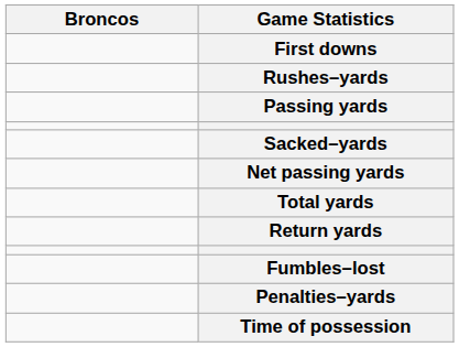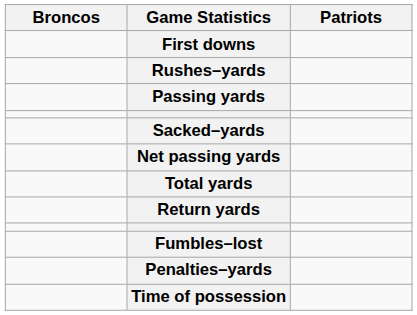 <table class="wikitable" style="margin: 1em auto 1em auto">
 <tr>
 <th style="width:30%;">Broncos</th>
 <th style="width:40%;">Game Statistics</th>
+<th style="width:30%;">Patriots</th>
 </tr>
 <tr>
 <td style="text-align:right;"></td>
 <th>First downs</th>
+<td></td>
 </tr>
 <tr>
 <td style="text-align:right;"></td>
 <th>Rushes–yards</th>
+<td></td>
 </tr>
 <tr>
 <td style="text-align:right;"></td>
 <th>Passing yards</th>
+<td></td>
 </tr>
 <tr>
 <td style="text-align:right;"></td>
 <th></th>
+<td></td>
 </tr>
 <tr>
 <td style="text-align:right;"></td>
 <th>Sacked–yards</th>
+<td></td>
 </tr>
 <tr>
 <td style="text-align:right;"></td>
 <th>Net passing yards</th>
+<td></td>
 </tr>
 <tr>
 <td style="text-align:right;"></td>
 <th>Total yards</th>
+<td></td>
 </tr>
 <tr>
 <td style="text-align:right;"></td>
 <th>Return yards</th>
+<td></td>
 </tr>
 <tr>
 <td style="text-align:right;"></td>
 <th></th>
+<td></td>
 </tr>
 <tr>
 <td style="text-align:right;"></td>
 <th>Fumbles–lost</th>
+<td></td>
 </tr>
 <tr>
 <td style="text-align:right;"></td>
 <th>Penalties–yards</th>
+<td></td>
 </tr>
 <tr>
 <td style="text-align:right;"></td>
 <th>Time of possession</th>
+<td></td>
 </tr>
 </table>
